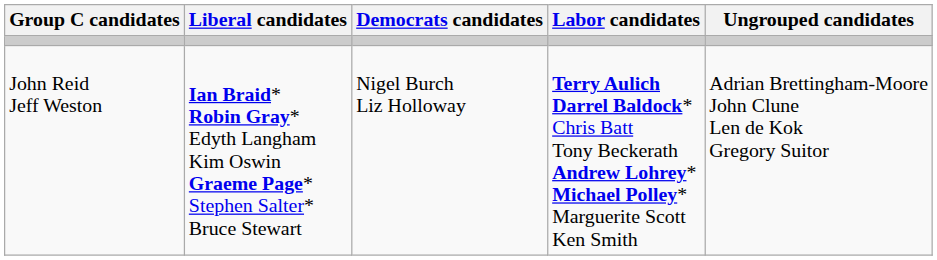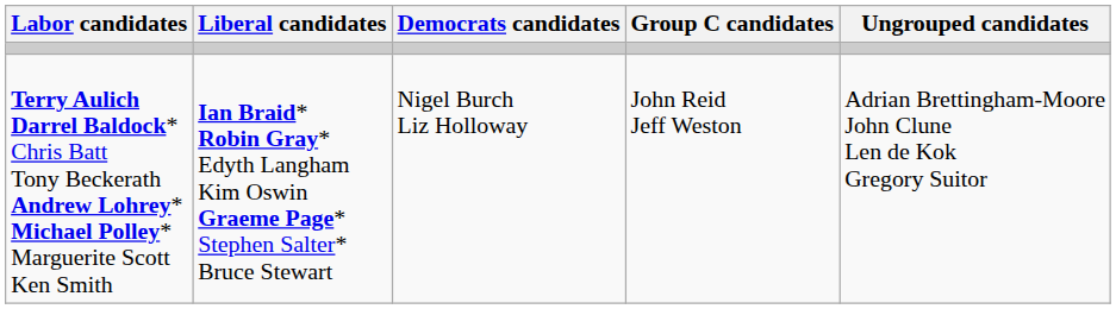 <table class="wikitable">
 <tr>
-<th>Group C candidates</th>
+<th><a href='#'>Labor</a> candidates</th>
 <th><a href='#'>Liberal</a> candidates</th>
 <th><a href='#'>Democrats</a> candidates</th>
-<th><a href='#'>Labor</a> candidates</th>
+<th>Group C candidates</th>
 <th>Ungrouped candidates</th>
 </tr>
 <tr bgcolor="#cccccc">
 <td></td>
 <td></td>
 <td></td>
 <td></td>
 <td></td>
 </tr>
 <tr>
-<td valign=top><br>John Reid<br> Jeff Weston</td>
+<td><br><strong><a href='#'>Terry Aulich</a></strong><br> <strong><a href='#'>Darrel Baldock</a></strong>*<br> <a href='#'>Chris Batt</a><br> Tony Beckerath<br> <strong><a href='#'>Andrew Lohrey</a></strong>*<br> <strong><a href='#'>Michael Polley</a></strong>*<br> Marguerite Scott<br> Ken Smith</td>
 <td><br><strong><a href='#'>Ian Braid</a></strong>*<br> <strong><a href='#'>Robin Gray</a></strong>*<br> Edyth Langham<br> Kim Oswin<br> <strong><a href='#'>Graeme Page</a></strong>*<br> <a href='#'>Stephen Salter</a>*<br> Bruce Stewart</td>
 <td valign=top><br>Nigel Burch<br> Liz Holloway</td>
-<td><br><strong><a href='#'>Terry Aulich</a></strong><br> <strong><a href='#'>Darrel Baldock</a></strong>*<br> <a href='#'>Chris Batt</a><br> Tony Beckerath<br> <strong><a href='#'>Andrew Lohrey</a></strong>*<br> <strong><a href='#'>Michael Polley</a></strong>*<br> Marguerite Scott<br> Ken Smith</td>
+<td valign=top><br>John Reid<br> Jeff Weston</td>
 <td valign=top><br>Adrian Brettingham-Moore<br> John Clune<br> Len de Kok<br> Gregory Suitor</td>
 </tr>
 </table>
